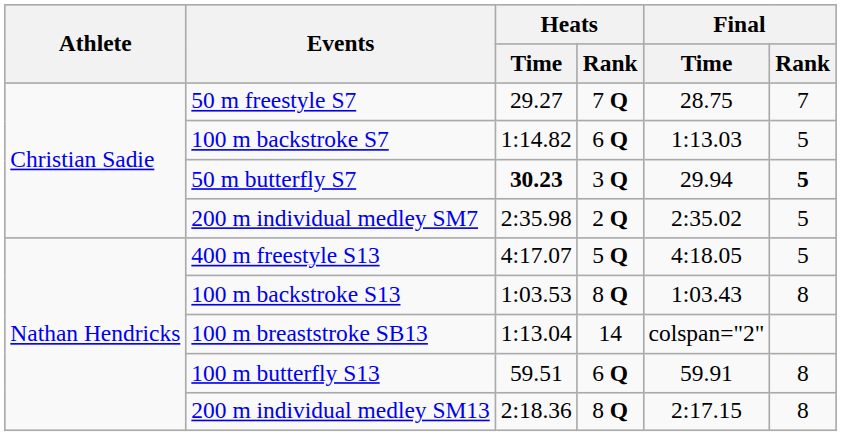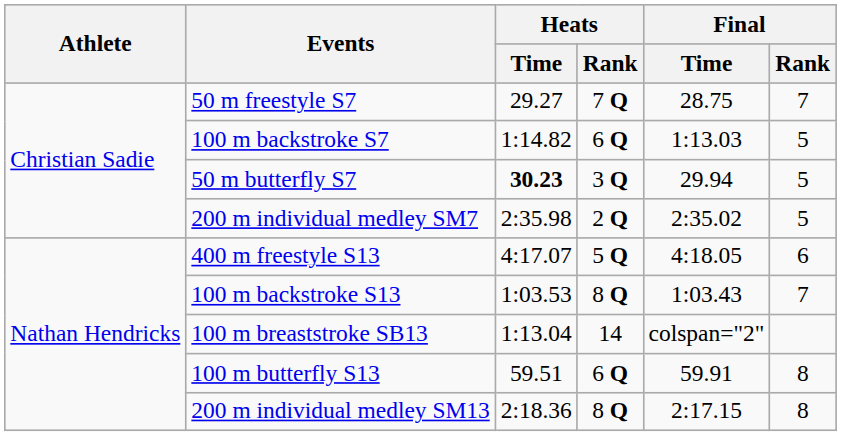 <table class=wikitable style="font-size:90%">
 <tr>
 <th rowspan="2">Athlete</th>
 <th rowspan="2">Events</th>
 <th colspan="2">Heats</th>
 <th colspan="2">Final</th>
 </tr>
 <tr>
 <th>Time</th>
 <th>Rank</th>
 <th>Time</th>
 <th>Rank</th>
 </tr>
 <tr align=center>
 <td align=left rowspan=4><a href='#'>Christian Sadie</a></td>
 <td align=left><a href='#'>50 m freestyle S7</a></td>
 <td>29.27</td>
 <td>7 <strong>Q</strong></td>
 <td>28.75</td>
 <td>7</td>
 </tr>
 <tr align=center>
 <td align=left><a href='#'>100 m backstroke S7</a></td>
 <td>1:14.82</td>
 <td>6 <strong>Q</strong></td>
 <td>1:13.03</td>
 <td>5</td>
 </tr>
 <tr align=center>
 <td align=left><a href='#'>50 m butterfly S7</a></td>
 <td><strong>30.23</strong></td>
 <td>3 <strong>Q</strong></td>
 <td>29.94</td>
-<td><strong>5</strong></td>
+<td>5</td>
 </tr>
 <tr align=center>
 <td align=left><a href='#'>200 m individual medley SM7</a></td>
 <td>2:35.98</td>
 <td>2 <strong>Q</strong></td>
 <td>2:35.02</td>
 <td>5</td>
 </tr>
 <tr align=center>
 <td rowspan="5" align="left"><a href='#'>Nathan Hendricks</a></td>
 <td align=left><a href='#'>400 m freestyle S13</a></td>
 <td>4:17.07</td>
 <td>5 <strong>Q</strong></td>
 <td>4:18.05</td>
-<td>5</td>
+<td>6</td>
 </tr>
 <tr align=center>
 <td align=left><a href='#'>100 m backstroke S13</a></td>
 <td>1:03.53</td>
 <td>8 <strong>Q</strong></td>
 <td>1:03.43</td>
-<td>8</td>
+<td>7</td>
 </tr>
 <tr align=center>
 <td align=left><a href='#'>100 m breaststroke SB13</a></td>
 <td>1:13.04</td>
 <td>14</td>
 <td>colspan="2" </td>
 </tr>
 <tr align=center>
 <td align=left><a href='#'>100 m butterfly S13</a></td>
 <td>59.51</td>
 <td>6 <strong>Q</strong></td>
 <td>59.91</td>
 <td>8</td>
 </tr>
 <tr align=center>
 <td align=left><a href='#'>200 m individual medley SM13</a></td>
 <td>2:18.36</td>
 <td>8 <strong>Q</strong></td>
 <td>2:17.15</td>
 <td>8</td>
 </tr>
 </table>
